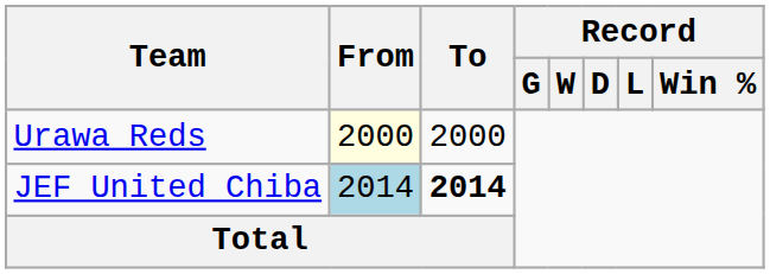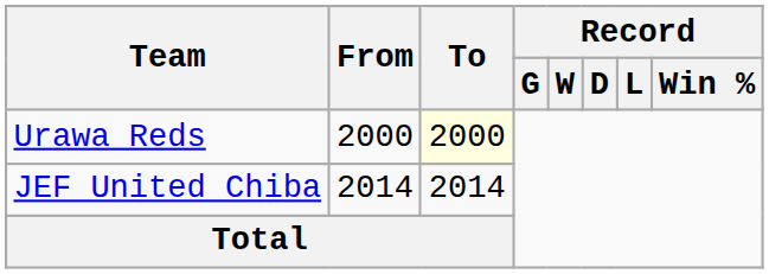 <table class="wikitable" style="text-align: center">
 <tr>
 <th rowspan="2">Team</th>
 <th rowspan="2">From</th>
 <th rowspan="2">To</th>
 <th colspan="5">Record</th>
 </tr>
 <tr>
 <th>G</th>
 <th>W</th>
 <th>D</th>
 <th>L</th>
 <th>Win %</th>
 </tr>
 <tr>
 <td align="left"><a href='#'>Urawa Reds</a></td>
-<td align="left" style="background: lightyellow;">2000</td>
-<td align="left">2000<br></td>
+<td align="left">2000</td>
+<td align="left" style="background: lightyellow;">2000<br></td>
 </tr>
 <tr>
 <td align="left"><a href='#'>JEF United Chiba</a></td>
-<td align="left" style="background: lightblue;">2014</td>
-<td align="left"><strong>2014<br></strong></td>
+<td align="left">2014</td>
+<td align="left">2014<br></td>
 </tr>
 <tr>
 <th colspan="3">Total<br></th>
 </tr>
 </table>
